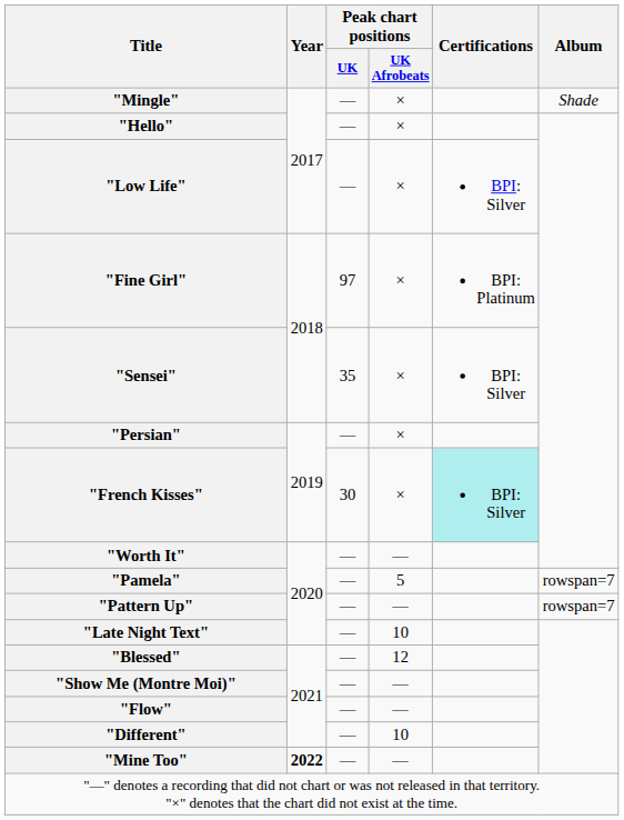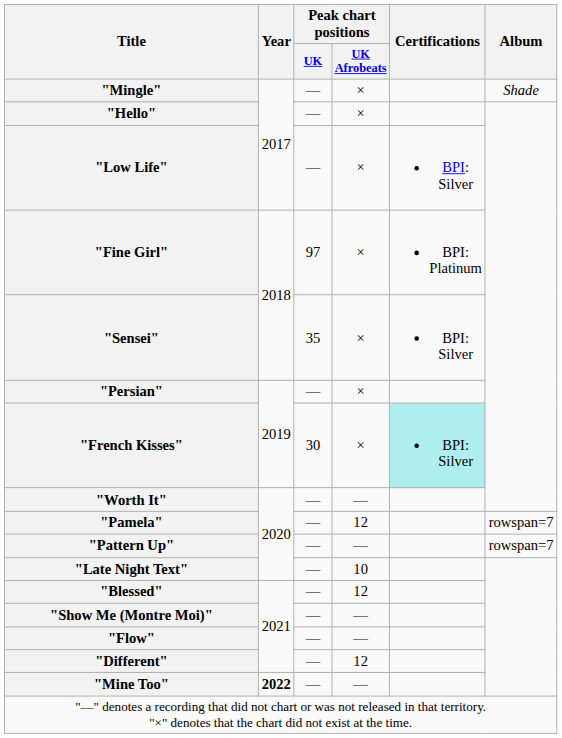 <table class="wikitable plainrowheaders" style="text-align:center;">
 <tr>
 <th scope="col" rowspan="2" style="width:22em;">Title</th>
 <th scope="col" rowspan="2">Year</th>
 <th scope="col" colspan="2">Peak chart positions</th>
 <th scope="col" rowspan="2">Certifications</th>
 <th scope="col" rowspan="2">Album</th>
 </tr>
 <tr>
 <th scope="col" style="width:3em;font-size:85%;"><a href='#'>UK</a><br></th>
 <th scope="col" style="width:3em;font-size:85%;"><a href='#'>UK<br>Afrobeats</a><br></th>
 </tr>
 <tr>
 <th scope="row">"Mingle"<br></th>
 <td rowspan=3>2017</td>
 <td>—</td>
 <td>×</td>
 <td></td>
 <td><em>Shade</em></td>
 </tr>
 <tr>
 <th scope="row">"Hello"<br></th>
 <td>—</td>
 <td>×</td>
 <td></td>
 </tr>
 <tr>
 <th scope="row">"Low Life"</th>
 <td>—</td>
 <td>×</td>
 <td><br><ul><li><a href='#'>BPI</a>: Silver</li></ul></td>
 </tr>
 <tr>
 <th scope="row">"Fine Girl"</th>
 <td rowspan=2>2018</td>
 <td>97</td>
 <td>×</td>
 <td><br><ul><li>BPI: Platinum</li></ul></td>
 </tr>
 <tr>
 <th scope="row">"Sensei"</th>
 <td>35</td>
 <td>×</td>
 <td><br><ul><li>BPI: Silver</li></ul></td>
 </tr>
 <tr>
 <th scope="row">"Persian"</th>
 <td rowspan=2>2019</td>
 <td>—</td>
 <td>×</td>
 <td></td>
 </tr>
 <tr>
 <th scope="row">"French Kisses"<br></th>
 <td>30</td>
 <td>×</td>
 <td style="background: paleturquoise;"><br><ul><li>BPI: Silver</li></ul></td>
 </tr>
 <tr>
 <th scope="row">"Worth It"<br></th>
 <td rowspan=4>2020</td>
 <td>—</td>
 <td>—</td>
 <td></td>
 </tr>
 <tr>
 <th scope="row">"Pamela"<br></th>
 <td>—</td>
-<td>5</td>
+<td>12</td>
 <td></td>
 <td>rowspan=7 </td>
 </tr>
 <tr>
 <th scope="row">"Pattern Up"<br></th>
 <td>—</td>
 <td>—</td>
 <td></td>
 <td>rowspan=7 </td>
 </tr>
 <tr>
 <th scope="row">"Late Night Text"<br></th>
 <td>—</td>
 <td>10</td>
 <td></td>
 </tr>
 <tr>
 <th scope="row">"Blessed"</th>
 <td rowspan=4>2021</td>
 <td>—</td>
 <td>12</td>
 <td></td>
 </tr>
 <tr>
 <th scope="row">"Show Me (Montre Moi)"<br></th>
 <td>—</td>
 <td>—</td>
 <td></td>
 </tr>
 <tr>
 <th scope="row">"Flow"<br></th>
 <td>—</td>
 <td>—</td>
 <td></td>
 </tr>
 <tr>
 <th scope="row">"Different"</th>
 <td>—</td>
-<td>10</td>
+<td>12</td>
 <td></td>
 </tr>
 <tr>
 <th scope="row">"Mine Too"</th>
 <td><strong>2022</strong></td>
 <td>—</td>
 <td>—</td>
 <td></td>
 </tr>
 <tr>
 <td colspan="6" style="font-size:90%">"—" denotes a recording that did not chart or was not released in that territory.<br>"×" denotes that the chart did not exist at the time.</td>
 </tr>
 </table>
